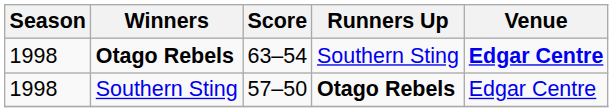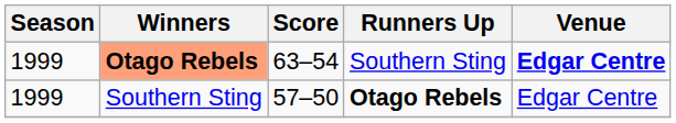 <table class="wikitable collapsible">
 <tr>
 <th>Season</th>
 <th>Winners</th>
 <th>Score</th>
 <th>Runners Up</th>
 <th>Venue</th>
 </tr>
 <tr>
-<td>1998</td>
-<td><strong>Otago Rebels</strong></td>
+<td>1999</td>
+<td style="background: lightsalmon;"><strong>Otago Rebels</strong></td>
 <td>63–54</td>
 <td><a href='#'>Southern Sting</a></td>
 <td><strong><a href='#'>Edgar Centre</a></strong></td>
 </tr>
 <tr>
-<td>1998</td>
+<td>1999</td>
 <td><a href='#'>Southern Sting</a></td>
 <td>57–50</td>
 <td><strong>Otago Rebels</strong></td>
 <td><a href='#'>Edgar Centre</a></td>
 </tr>
 <tr>
 </tr>
 </table>
